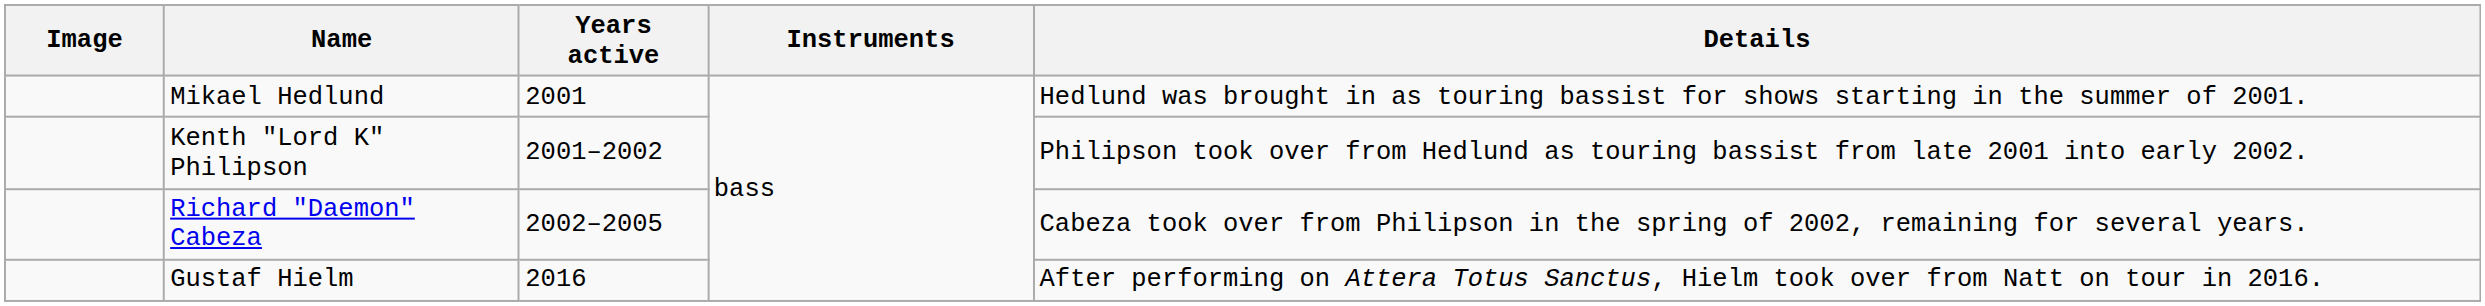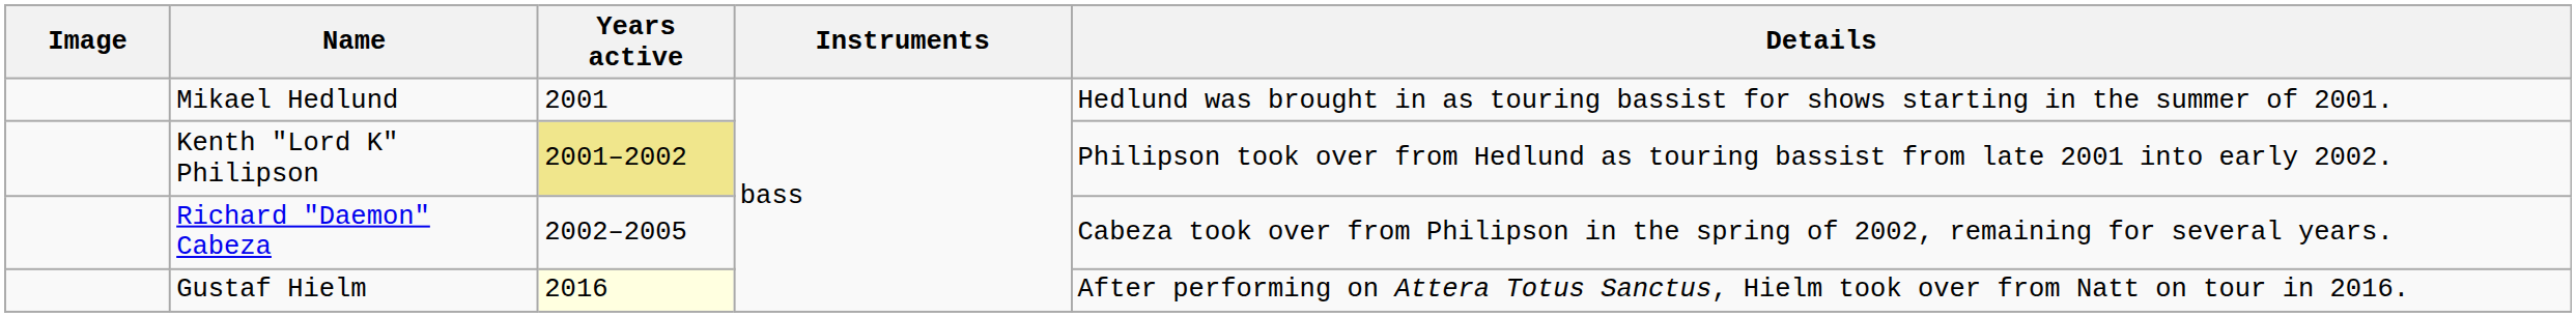 <table class="wikitable" border="1" width=100%>
 <tr>
 <th width="75">Image</th>
 <th width="175">Name </th>
 <th width="90">Years active</th>
 <th width="160">Instruments</th>
 <th>Details</th>
 </tr>
 <tr>
 <td></td>
 <td>Mikael Hedlund</td>
 <td>2001</td>
 <td rowspan="4">bass</td>
 <td>Hedlund was brought in as touring bassist for shows starting in the summer of 2001.</td>
 </tr>
 <tr>
 <td></td>
 <td>Kenth "Lord K" Philipson</td>
-<td>2001–2002</td>
+<td style="background: khaki;">2001–2002</td>
 <td>Philipson took over from Hedlund as touring bassist from late 2001 into early 2002.</td>
 </tr>
 <tr>
 <td></td>
 <td><a href='#'>Richard "Daemon" Cabeza</a></td>
 <td>2002–2005</td>
 <td>Cabeza took over from Philipson in the spring of 2002, remaining for several years.</td>
 </tr>
 <tr>
 <td></td>
 <td>Gustaf Hielm</td>
-<td>2016 </td>
+<td style="background: lightyellow;">2016 </td>
 <td>After performing on <em>Attera Totus Sanctus</em>, Hielm took over from Natt on tour in 2016.</td>
 </tr>
 </table>
